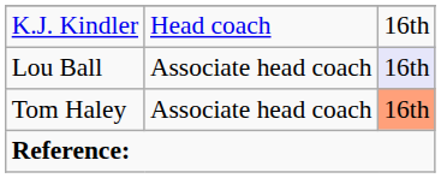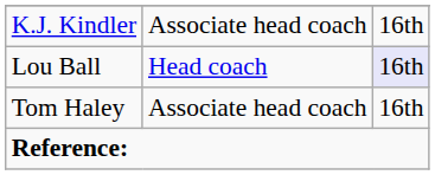 <table class="wikitable" style="font-size:93%;">
 <tr>
 </tr>
 <tr>
 </tr>
 <tr>
 <td><a href='#'>K.J. Kindler</a></td>
-<td><a href='#'>Head coach</a></td>
+<td>Associate head coach</td>
 <td align=center>16th</td>
 </tr>
 <tr>
 <td>Lou Ball</td>
-<td>Associate head coach</td>
+<td><a href='#'>Head coach</a></td>
 <td align=center style="background: lavender;">16th</td>
 </tr>
 <tr>
 <td>Tom Haley</td>
 <td>Associate head coach</td>
-<td align=center style="background: lightsalmon;">16th</td>
+<td align=center>16th</td>
 </tr>
 <tr>
 <td colspan=4><strong>Reference:</strong></td>
 </tr>
 </table>
